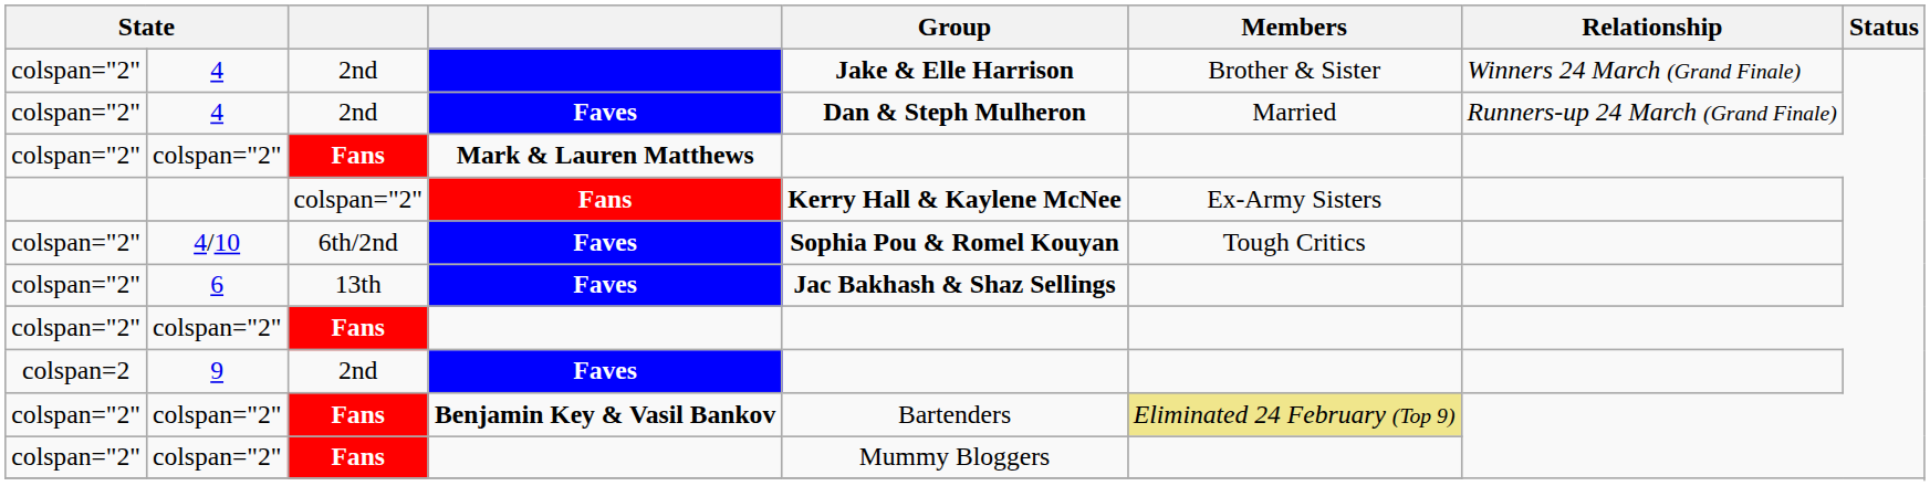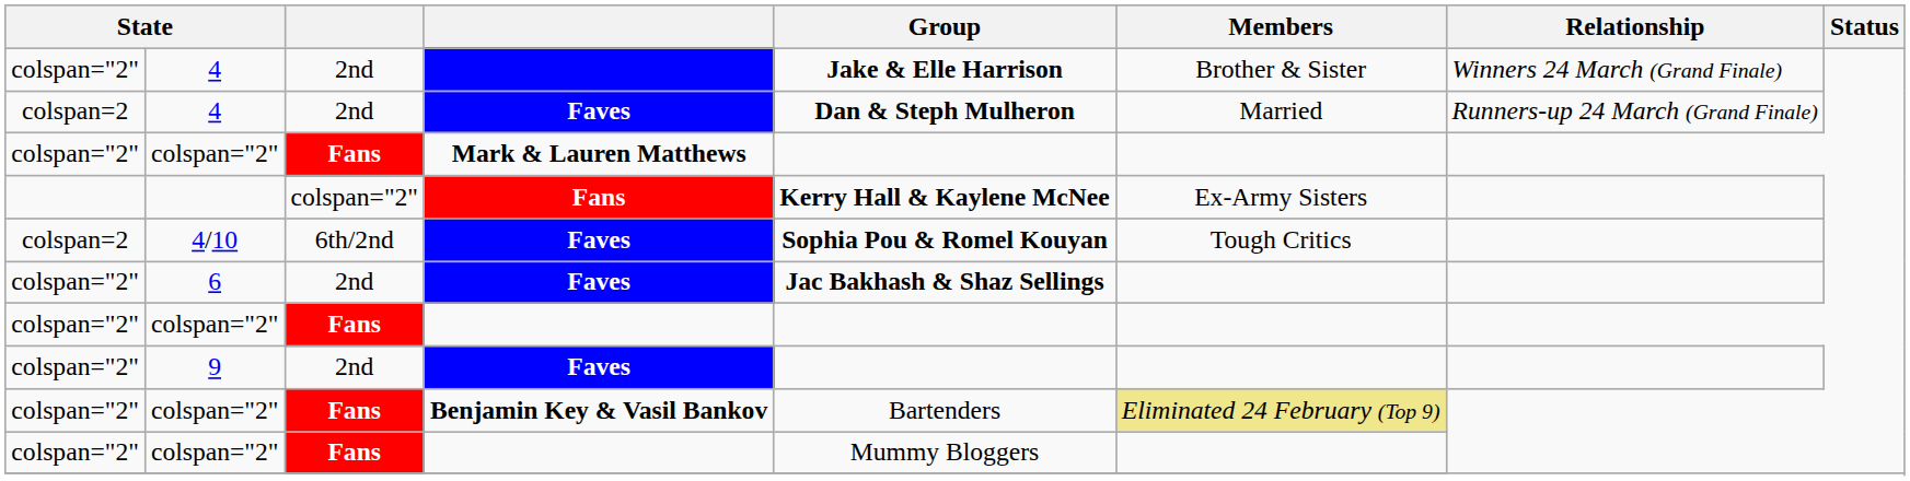 <table class="wikitable sortable" align="center" style="text-align:center; font-size:90%">
 <tr>
 <th colspan="2">State</th>
 <th></th>
 <th></th>
 <th data-sort-type="number">Group</th>
 <th>Members</th>
 <th>Relationship</th>
 <th>Status</th>
 </tr>
 <tr>
 <td>colspan="2" </td>
 <td><a href='#'>4</a></td>
 <td>2nd</td>
 <th style="text-align:center; background:blue; color:white;"></th>
 <td><strong>Jake & Elle Harrison</strong></td>
 <td>Brother & Sister</td>
 <td style="text-align:left"><em>Winners 24 March <small>(Grand Finale)</small></em></td>
 </tr>
 <tr>
-<td>colspan="2" </td>
+<td>colspan=2 </td>
 <td><a href='#'>4</a></td>
 <td>2nd</td>
 <th style="text-align:center; background:blue; color:white;">Faves</th>
 <td><strong>Dan & Steph Mulheron</strong></td>
 <td>Married</td>
 <td style="text-align:left"><em>Runners-up 24 March <small>(Grand Finale)</small></em></td>
 </tr>
 <tr>
 <td>colspan="2" </td>
 <td>colspan="2" </td>
 <th style="text-align:center; background:red; color:white;">Fans</th>
 <td><strong>Mark & Lauren Matthews</strong></td>
 <td></td>
 <td style="text-align:left"></td>
 </tr>
 <tr>
 <td></td>
 <td></td>
 <td>colspan="2" </td>
 <th style="text-align:center; background:red; color:white;">Fans</th>
 <td><strong>Kerry Hall & Kaylene McNee</strong></td>
 <td>Ex-Army Sisters</td>
 <td style="text-align:left"></td>
 </tr>
 <tr>
-<td>colspan="2" </td>
+<td>colspan=2 </td>
 <td><a href='#'>4</a>/<a href='#'>10</a></td>
 <td>6th/2nd</td>
 <th style="text-align:center; background:blue; color:white;">Faves</th>
 <td><strong>Sophia Pou & Romel Kouyan</strong></td>
 <td>Tough Critics</td>
 <td style="text-align:left"></td>
 </tr>
 <tr>
 <td>colspan="2" </td>
 <td><a href='#'>6</a></td>
-<td>13th</td>
+<td>2nd</td>
 <th style="text-align:center; background:blue; color:white;">Faves</th>
 <td><strong>Jac Bakhash & Shaz Sellings</strong></td>
 <td></td>
 <td style="text-align:left"></td>
 </tr>
 <tr>
 <td>colspan="2" </td>
 <td>colspan="2" </td>
 <th style="text-align:center; background:red; color:white;">Fans</th>
 <td></td>
 <td></td>
 <td style="text-align:left"></td>
 </tr>
 <tr>
-<td>colspan=2 </td>
+<td>colspan="2" </td>
 <td><a href='#'>9</a></td>
 <td>2nd</td>
 <th style="text-align:center; background:blue; color:white;">Faves</th>
 <td></td>
 <td></td>
 <td style="text-align:left"></td>
 </tr>
 <tr>
 <td>colspan="2" </td>
 <td>colspan="2" </td>
 <th style="text-align:center; background:red; color:white;">Fans</th>
 <td><strong>Benjamin Key & Vasil Bankov</strong></td>
 <td>Bartenders</td>
 <td style="background: khaki; text-align:left"><em>Eliminated 24 February <small>(Top 9)</small></em></td>
 </tr>
 <tr>
 <td>colspan="2" </td>
 <td>colspan="2" </td>
 <th style="text-align:center; background:red; color:white;">Fans</th>
 <td></td>
 <td>Mummy Bloggers</td>
 <td style="text-align:left"></td>
 </tr>
 <tr>
 </tr>
 </table>
